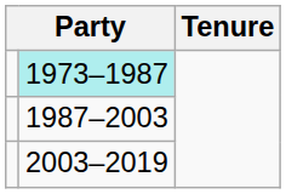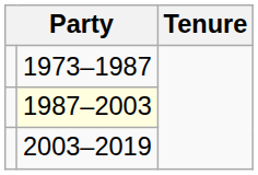 <table class="wikitable">
 <tr>
 <th colspan="2">Party</th>
 <th>Tenure</th>
 </tr>
 <tr>
 <td></td>
-<td style="background: paleturquoise;">1973–1987</td>
+<td>1973–1987</td>
 </tr>
 <tr>
 <td></td>
-<td>1987–2003</td>
+<td style="background: lightyellow;">1987–2003</td>
 </tr>
 <tr>
 <td></td>
 <td>2003–2019</td>
 </tr>
 </table>
